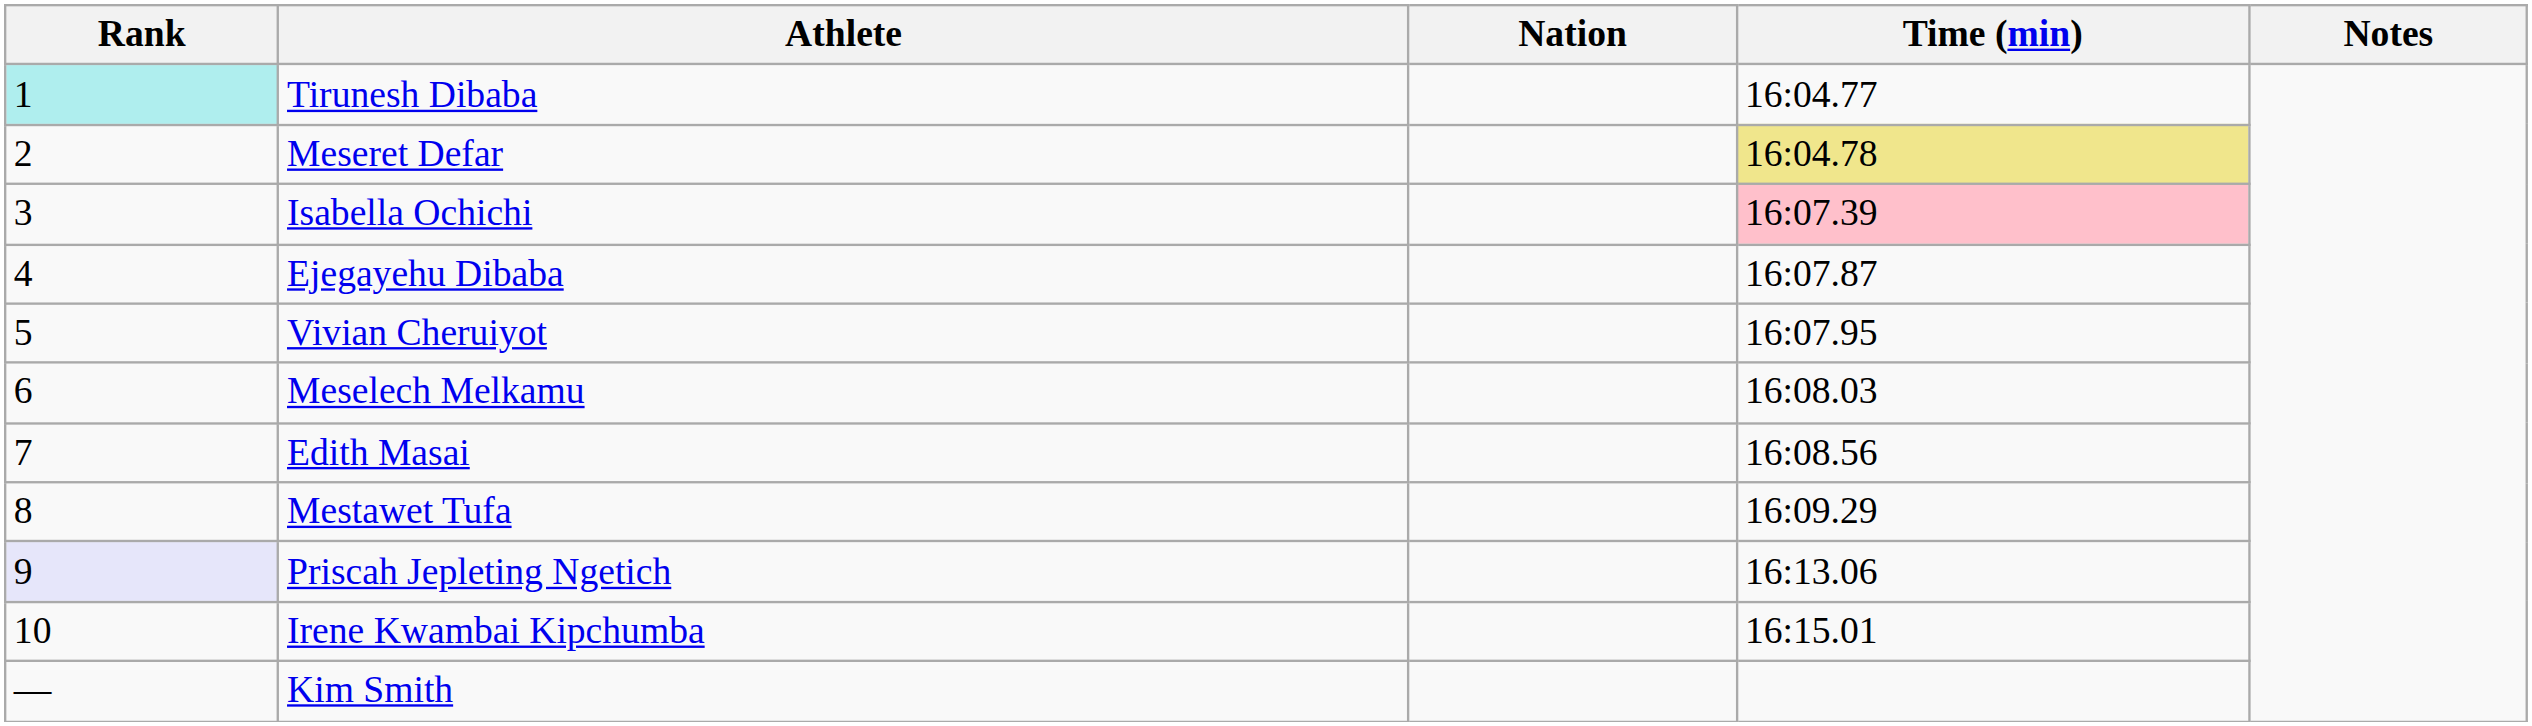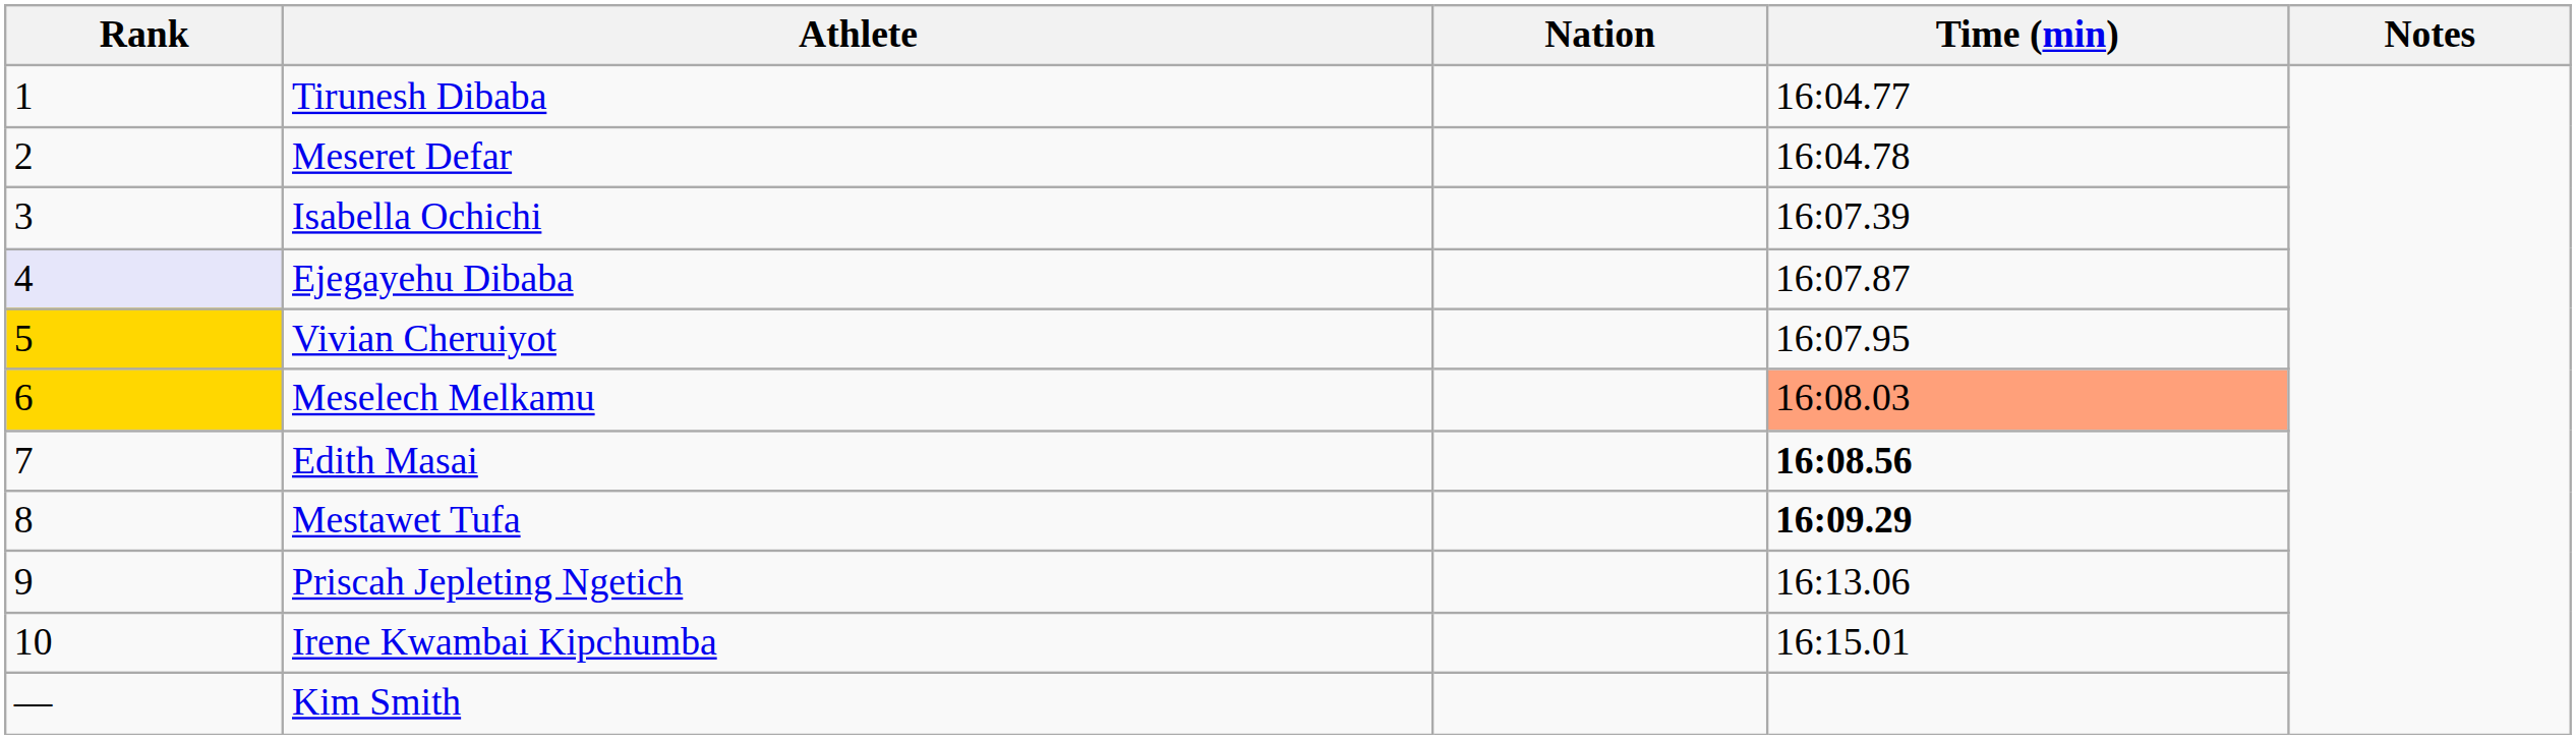 <table class="wikitable" style="text=align:center;" width=85%>
 <tr>
 <th>Rank</th>
 <th>Athlete</th>
 <th>Nation</th>
 <th>Time (<a href='#'>min</a>)</th>
 <th>Notes</th>
 </tr>
 <tr>
-<td style="background: paleturquoise;">1</td>
+<td>1</td>
 <td><a href='#'>Tirunesh Dibaba</a></td>
 <td></td>
 <td>16:04.77</td>
 </tr>
 <tr>
 <td>2</td>
 <td><a href='#'>Meseret Defar</a></td>
 <td></td>
-<td style="background: khaki;">16:04.78</td>
+<td>16:04.78</td>
 </tr>
 <tr>
 <td>3</td>
 <td><a href='#'>Isabella Ochichi</a></td>
 <td></td>
-<td style="background: pink;">16:07.39</td>
+<td>16:07.39</td>
 </tr>
 <tr>
-<td>4</td>
+<td style="background: lavender;">4</td>
 <td><a href='#'>Ejegayehu Dibaba</a></td>
 <td></td>
 <td>16:07.87</td>
 </tr>
 <tr>
-<td>5</td>
+<td style="background: gold;">5</td>
 <td><a href='#'>Vivian Cheruiyot</a></td>
 <td></td>
 <td>16:07.95</td>
 </tr>
 <tr>
-<td>6</td>
+<td style="background: gold;">6</td>
 <td><a href='#'>Meselech Melkamu</a></td>
 <td></td>
-<td>16:08.03</td>
+<td style="background: lightsalmon;">16:08.03</td>
 </tr>
 <tr>
 <td>7</td>
 <td><a href='#'>Edith Masai</a></td>
 <td></td>
-<td>16:08.56</td>
+<td><strong>16:08.56</strong></td>
 </tr>
 <tr>
 <td>8</td>
 <td><a href='#'>Mestawet Tufa</a></td>
 <td></td>
-<td>16:09.29</td>
+<td><strong>16:09.29</strong></td>
 </tr>
 <tr>
-<td style="background: lavender;">9</td>
+<td>9</td>
 <td><a href='#'>Priscah Jepleting Ngetich</a></td>
 <td></td>
 <td>16:13.06</td>
 </tr>
 <tr>
 <td>10</td>
 <td><a href='#'>Irene Kwambai Kipchumba</a></td>
 <td></td>
 <td>16:15.01</td>
 </tr>
 <tr>
 <td>—</td>
 <td><a href='#'>Kim Smith</a></td>
 <td></td>
 <td></td>
 </tr>
 </table>
